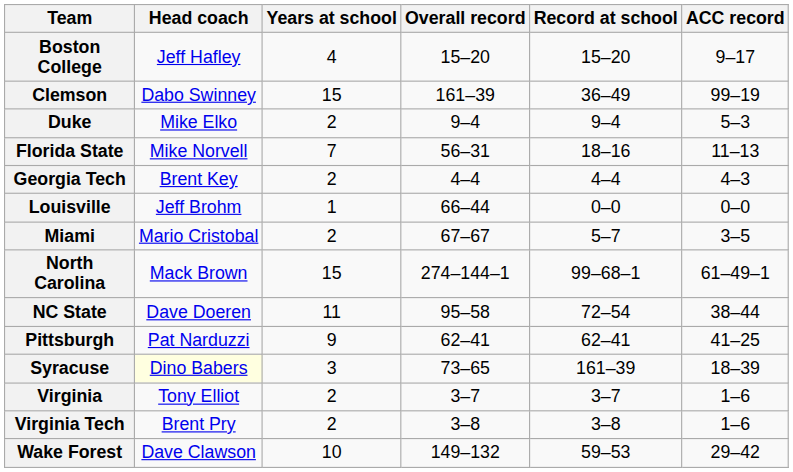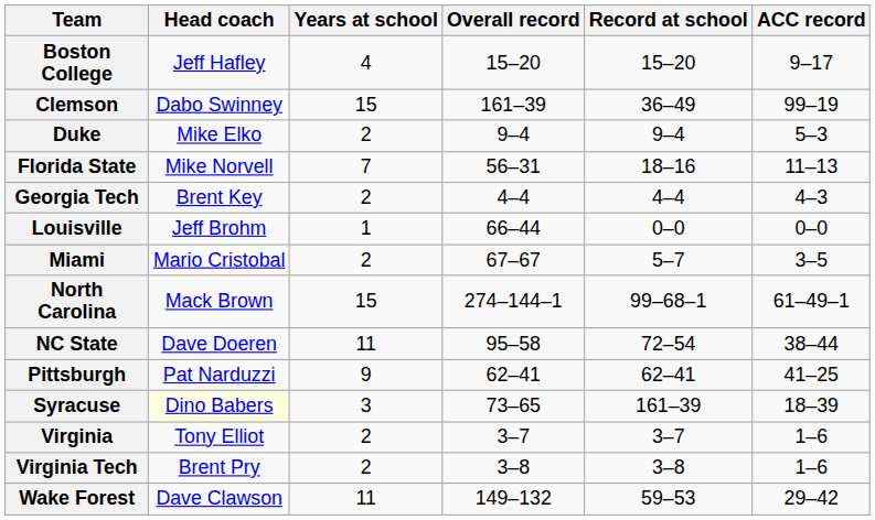 <table class="wikitable sortable" style="text-align: center;">
 <tr>
 <th width="110">Team</th>
 <th>Head coach</th>
 <th>Years at school</th>
 <th>Overall record</th>
 <th>Record at school</th>
 <th>ACC record</th>
 </tr>
 <tr>
 <th>Boston College</th>
 <td><a href='#'>Jeff Hafley</a></td>
 <td>4</td>
 <td>15–20</td>
 <td>15–20</td>
 <td>9–17</td>
 </tr>
 <tr>
 <th>Clemson</th>
 <td><a href='#'>Dabo Swinney</a></td>
 <td>15</td>
 <td>161–39</td>
 <td>36–49</td>
 <td>99–19</td>
 </tr>
 <tr>
 <th>Duke</th>
 <td><a href='#'>Mike Elko</a></td>
 <td>2</td>
 <td>9–4</td>
 <td>9–4</td>
 <td>5–3</td>
 </tr>
 <tr>
 <th>Florida State</th>
 <td><a href='#'>Mike Norvell</a></td>
 <td>7</td>
 <td>56–31</td>
 <td>18–16</td>
 <td>11–13</td>
 </tr>
 <tr>
 <th>Georgia Tech</th>
 <td><a href='#'>Brent Key</a></td>
 <td>2</td>
 <td>4–4</td>
 <td>4–4</td>
 <td>4–3</td>
 </tr>
 <tr>
 <th>Louisville</th>
 <td><a href='#'>Jeff Brohm</a></td>
 <td>1</td>
 <td>66–44</td>
 <td>0–0</td>
 <td>0–0</td>
 </tr>
 <tr>
 <th>Miami</th>
 <td><a href='#'>Mario Cristobal</a></td>
 <td>2</td>
 <td>67–67</td>
 <td>5–7</td>
 <td>3–5</td>
 </tr>
 <tr>
 <th>North Carolina</th>
 <td><a href='#'>Mack Brown</a></td>
 <td>15</td>
 <td>274–144–1</td>
 <td>99–68–1</td>
 <td>61–49–1</td>
 </tr>
 <tr>
 <th>NC State</th>
 <td><a href='#'>Dave Doeren</a></td>
 <td>11</td>
 <td>95–58</td>
 <td>72–54</td>
 <td>38–44</td>
 </tr>
 <tr>
 <th>Pittsburgh</th>
 <td><a href='#'>Pat Narduzzi</a></td>
 <td>9</td>
 <td>62–41</td>
 <td>62–41</td>
 <td>41–25</td>
 </tr>
 <tr>
 <th>Syracuse</th>
 <td style="background: lightyellow;"><a href='#'>Dino Babers</a></td>
 <td>3</td>
 <td>73–65</td>
 <td>161–39</td>
 <td>18–39</td>
 </tr>
 <tr>
 <th>Virginia</th>
 <td><a href='#'>Tony Elliot</a></td>
 <td>2</td>
 <td>3–7</td>
 <td>3–7</td>
 <td>1–6</td>
 </tr>
 <tr>
 <th>Virginia Tech</th>
 <td><a href='#'>Brent Pry</a></td>
 <td>2</td>
 <td>3–8</td>
 <td>3–8</td>
 <td>1–6</td>
 </tr>
 <tr>
 <th>Wake Forest</th>
 <td><a href='#'>Dave Clawson</a></td>
-<td>10</td>
+<td>11</td>
 <td>149–132</td>
 <td>59–53</td>
 <td>29–42</td>
 </tr>
 </table>
